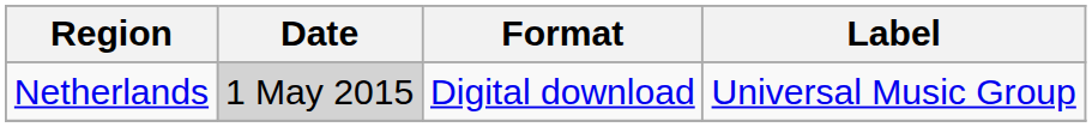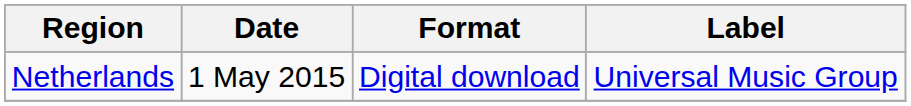 <table class=wikitable>
 <tr>
 <th>Region</th>
 <th>Date</th>
 <th>Format</th>
 <th>Label</th>
 </tr>
 <tr>
 <td><a href='#'>Netherlands</a></td>
-<td style="background: lightgrey;">1 May 2015</td>
+<td>1 May 2015</td>
 <td><a href='#'>Digital download</a></td>
 <td><a href='#'>Universal Music Group</a></td>
 </tr>
 <tr>
 </tr>
 </table>
